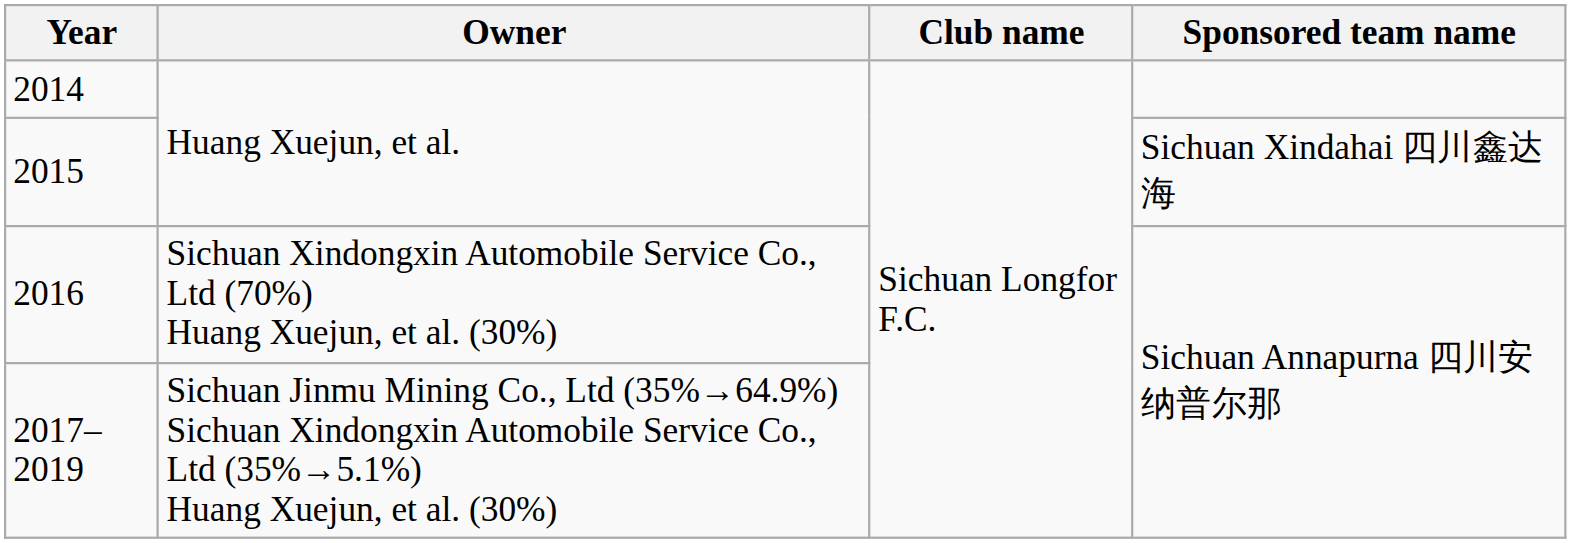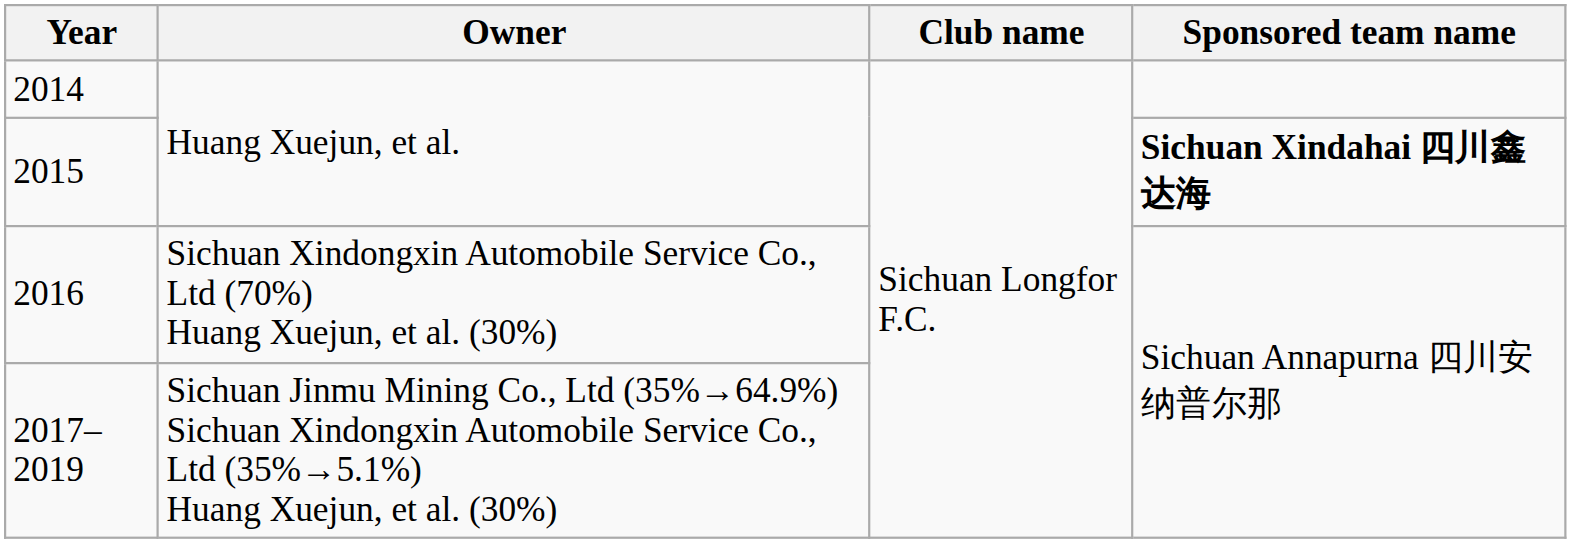 <table class="wikitable" border="1" width=80%>
 <tr>
 <th>Year</th>
 <th>Owner</th>
 <th>Club name</th>
 <th>Sponsored team name</th>
 </tr>
 <tr>
 <td>2014</td>
 <td rowspan="2">Huang Xuejun, et al.</td>
 <td rowspan="4">Sichuan Longfor F.C.</td>
 <td></td>
 </tr>
 <tr>
 <td>2015</td>
-<td>Sichuan Xindahai 四川鑫达海</td>
+<td><strong>Sichuan Xindahai 四川鑫达海</strong></td>
 </tr>
 <tr>
 <td>2016</td>
 <td>Sichuan Xindongxin Automobile Service Co., Ltd (70%) <br> Huang Xuejun, et al. (30%)</td>
 <td rowspan="2">Sichuan Annapurna 四川安纳普尔那</td>
 </tr>
 <tr>
 <td>2017–2019</td>
 <td>Sichuan Jinmu Mining Co., Ltd (35%→64.9%) <br> Sichuan Xindongxin Automobile Service Co., Ltd (35%→5.1%) <br> Huang Xuejun, et al. (30%)</td>
 </tr>
 </table>
